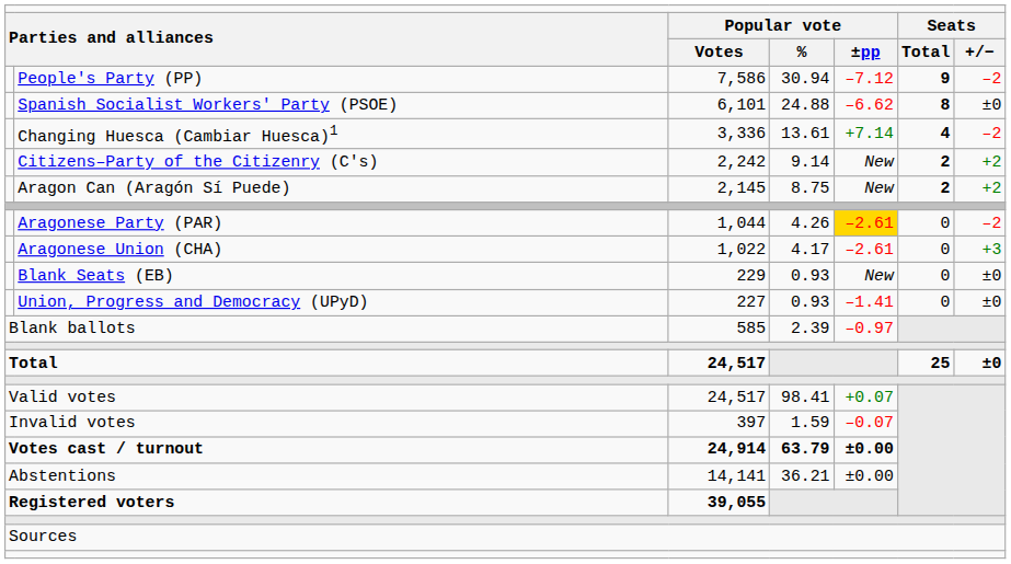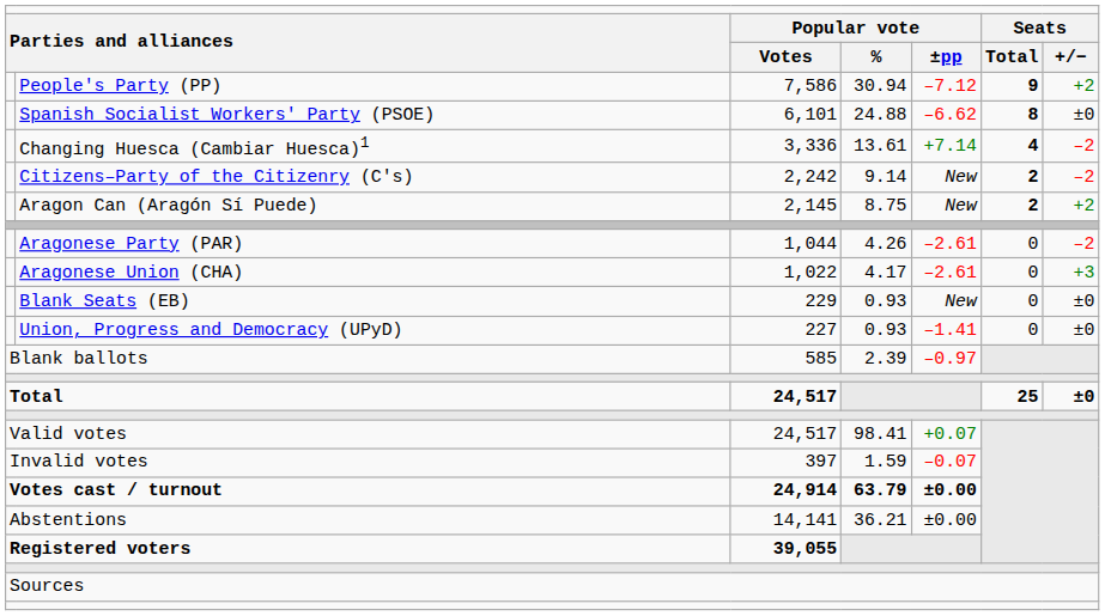 <table class="wikitable" style="text-align:right;">
 <tr>
 <td colspan="7"></td>
 </tr>
 <tr>
 <th style="text-align:left;" rowspan="2" colspan="2" width="525">Parties and alliances</th>
 <th colspan="3">Popular vote</th>
 <th colspan="2">Seats</th>
 </tr>
 <tr>
 <th width="75">Votes</th>
 <th width="45">%</th>
 <th width="45">±<a href='#'>pp</a></th>
 <th width="35">Total</th>
 <th width="35">+/−</th>
 </tr>
 <tr>
 <td width="1" style="color:inherit;background:"></td>
 <td align="left"><a href='#'>People's Party</a> (PP)</td>
 <td>7,586</td>
 <td>30.94</td>
 <td style="color:red;">–7.12</td>
 <td><strong>9</strong></td>
-<td style="color:red;">–2</td>
+<td style="color:green;">+2</td>
 </tr>
 <tr>
 <td style="color:inherit;background:"></td>
 <td align="left"><a href='#'>Spanish Socialist Workers' Party</a> (PSOE)</td>
 <td>6,101</td>
 <td>24.88</td>
 <td style="color:red;">–6.62</td>
 <td><strong>8</strong></td>
 <td>±0</td>
 </tr>
 <tr>
 <td style="color:inherit;background:"></td>
 <td align="left">Changing Huesca (Cambiar Huesca)<sup>1</sup></td>
 <td>3,336</td>
 <td>13.61</td>
 <td style="color:green;">+7.14</td>
 <td><strong>4</strong></td>
 <td style="color:red;">–2</td>
 </tr>
 <tr>
 <td style="color:inherit;background:"></td>
 <td align="left"><a href='#'>Citizens–Party of the Citizenry</a> (C's)</td>
 <td>2,242</td>
 <td>9.14</td>
 <td><em>New</em></td>
 <td><strong>2</strong></td>
-<td style="color:green;">+2</td>
+<td style="color:red;">–2</td>
 </tr>
 <tr>
 <td style="color:inherit;background:"></td>
 <td align="left">Aragon Can (Aragón Sí Puede)</td>
 <td>2,145</td>
 <td>8.75</td>
 <td><em>New</em></td>
 <td><strong>2</strong></td>
 <td style="color:green;">+2</td>
 </tr>
 <tr>
 <td colspan="7" bgcolor="#C0C0C0"></td>
 </tr>
 <tr>
 <td style="color:inherit;background:"></td>
 <td align="left"><a href='#'>Aragonese Party</a> (PAR)</td>
 <td>1,044</td>
 <td>4.26</td>
-<td style="background: gold; color:red;">–2.61</td>
+<td style="color:red;">–2.61</td>
 <td>0</td>
 <td style="color:red;">–2</td>
 </tr>
 <tr>
 <td style="color:inherit;background:"></td>
 <td align="left"><a href='#'>Aragonese Union</a> (CHA)</td>
 <td>1,022</td>
 <td>4.17</td>
 <td style="color:red;">–2.61</td>
 <td>0</td>
 <td style="color:green;">+3</td>
 </tr>
 <tr>
 <td style="color:inherit;background:"></td>
 <td align="left"><a href='#'>Blank Seats</a> (EB)</td>
 <td>229</td>
 <td>0.93</td>
 <td><em>New</em></td>
 <td>0</td>
 <td>±0</td>
 </tr>
 <tr>
 <td style="color:inherit;background:"></td>
 <td align="left"><a href='#'>Union, Progress and Democracy</a> (UPyD)</td>
 <td>227</td>
 <td>0.93</td>
 <td style="color:red;">–1.41</td>
 <td>0</td>
 <td>±0</td>
 </tr>
 <tr>
 <td align="left" colspan="2">Blank ballots</td>
 <td>585</td>
 <td>2.39</td>
 <td style="color:red;">–0.97</td>
 <td bgcolor="#E9E9E9" colspan="2"></td>
 </tr>
 <tr>
 <td colspan="7" bgcolor="#E9E9E9"></td>
 </tr>
 <tr style="font-weight:bold;">
 <td align="left" colspan="2">Total</td>
 <td>24,517</td>
 <td bgcolor="#E9E9E9" colspan="2"></td>
 <td>25</td>
 <td>±0</td>
 </tr>
 <tr>
 <td colspan="7" bgcolor="#E9E9E9"></td>
 </tr>
 <tr>
 <td align="left" colspan="2">Valid votes</td>
 <td>24,517</td>
 <td>98.41</td>
 <td style="color:green;">+0.07</td>
 <td bgcolor="#E9E9E9" colspan="2" rowspan="5"></td>
 </tr>
 <tr>
 <td align="left" colspan="2">Invalid votes</td>
 <td>397</td>
 <td>1.59</td>
 <td style="color:red;">–0.07</td>
 </tr>
 <tr style="font-weight:bold;">
 <td align="left" colspan="2">Votes cast / turnout</td>
 <td>24,914</td>
 <td>63.79</td>
 <td>±0.00</td>
 </tr>
 <tr>
 <td align="left" colspan="2">Abstentions</td>
 <td>14,141</td>
 <td>36.21</td>
 <td>±0.00</td>
 </tr>
 <tr style="font-weight:bold;">
 <td align="left" colspan="2">Registered voters</td>
 <td>39,055</td>
 <td bgcolor="#E9E9E9" colspan="2"></td>
 </tr>
 <tr>
 <td colspan="7" bgcolor="#E9E9E9"></td>
 </tr>
 <tr>
 <td align="left" colspan="7">Sources</td>
 </tr>
 <tr>
 <td colspan="7" style="text-align:left; max-width:790px;"></td>
 </tr>
 </table>
